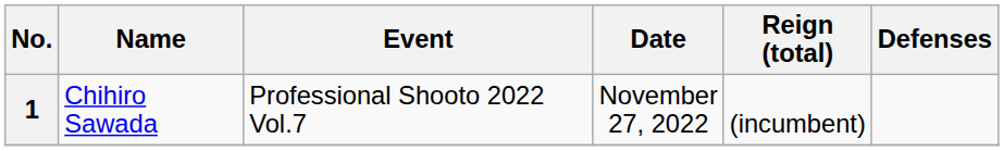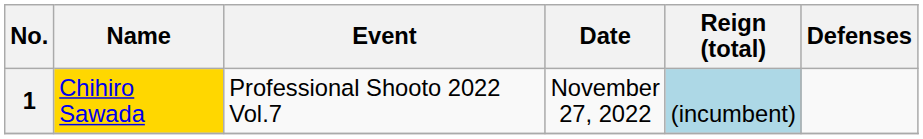 <table class="wikitable" style="width:99%;">
 <tr>
 <th style="width:2%;">No.</th>
 <th>Name</th>
 <th>Event</th>
 <th style="width:9%;">Date</th>
 <th style="width:9%;">Reign<br>(total)</th>
 <th>Defenses</th>
 </tr>
 <tr>
 <th>1</th>
-<td> <a href='#'>Chihiro Sawada</a><br></td>
+<td style="background: gold;"> <a href='#'>Chihiro Sawada</a><br></td>
 <td>Professional Shooto 2022 Vol.7<br></td>
 <td align=center>November 27, 2022</td>
-<td align=center><br>(incumbent)</td>
+<td align=center style="background: lightblue;"><br>(incumbent)</td>
 <td></td>
 </tr>
 <tr>
 </tr>
 </table>
